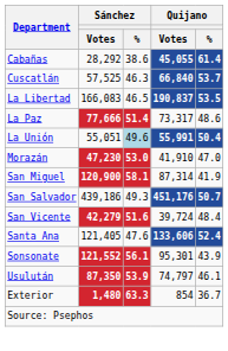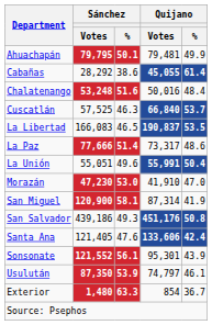 <table class="wikitable sortable" style="text-align:right; font-size:97%; line-height:20px;">
 <tr>
 <th rowspan="3"><a href='#'>Department</a></th>
 <th colspan="2" width="30px" class="unsortable">Sánchez</th>
 <th colspan="2" width="30px" class="unsortable">Quijano</th>
 </tr>
 <tr>
 <th colspan="2" style="background:"></th>
 <th colspan="2" style="background:"></th>
 </tr>
 <tr>
 <th data-sort-type="number">Votes</th>
 <th data-sort-type="number">%</th>
 <th data-sort-type="number">Votes</th>
 <th data-sort-type="number">%</th>
 </tr>
 <tr>
+<td align="left"><a href='#'>Ahuachapán</a></td>
+<td style="background:#D3252F; color:white"><strong>79,795</strong></td>
+<td style="background:#D3252F; color:white"><strong>50.1</strong></td>
+<td>79,481</td>
+<td>49.9</td>
+</tr>
+<tr>
 <td align="left"><a href='#'>Cabañas</a></td>
 <td>28,292</td>
 <td>38.6</td>
 <td style="background:#234B9A; color:white"><strong>45,055</strong></td>
 <td style="background:#234B9A; color:white"><strong>61.4</strong></td>
+</tr>
+<tr>
+<td align="left"><a href='#'>Chalatenango</a></td>
+<td style="background:#D3252F; color:white"><strong>53,248</strong></td>
+<td style="background:#D3252F; color:white"><strong>51.6</strong></td>
+<td>50,016</td>
+<td>48.4</td>
 </tr>
 <tr>
 <td align="left"><a href='#'>Cuscatlán</a></td>
 <td>57,525</td>
 <td>46.3</td>
 <td style="background:#234B9A; color:white"><strong>66,840</strong></td>
 <td style="background:#234B9A; color:white"><strong>53.7</strong></td>
 </tr>
 <tr>
 <td align="left"><a href='#'>La Libertad</a></td>
 <td>166,083</td>
 <td>46.5</td>
 <td style="background:#234B9A; color:white"><strong>190,837</strong></td>
 <td style="background:#234B9A; color:white"><strong>53.5</strong></td>
 </tr>
 <tr>
 <td align="left"><a href='#'>La Paz</a></td>
 <td style="background:#D3252F; color:white"><strong>77,666</strong></td>
 <td style="background:#D3252F; color:white"><strong>51.4</strong></td>
 <td>73,317</td>
 <td>48.6</td>
 </tr>
 <tr>
 <td align="left"><a href='#'>La Unión</a></td>
 <td>55,051</td>
-<td style="background: lightblue;">49.6</td>
+<td>49.6</td>
 <td style="background:#234B9A; color:white"><strong>55,991</strong></td>
 <td style="background:#234B9A; color:white"><strong>50.4</strong></td>
 </tr>
 <tr>
 <td align="left"><a href='#'>Morazán</a></td>
 <td style="background:#D3252F; color:white"><strong>47,230</strong></td>
 <td style="background:#D3252F; color:white"><strong>53.0</strong></td>
 <td>41,910</td>
 <td>47.0</td>
 </tr>
 <tr>
 <td align="left"><a href='#'>San Miguel</a></td>
 <td style="background:#D3252F; color:white"><strong>120,900</strong></td>
 <td style="background:#D3252F; color:white"><strong>58.1</strong></td>
 <td>87,314</td>
 <td>41.9</td>
 </tr>
 <tr>
 <td align="left"><a href='#'>San Salvador</a></td>
 <td>439,186</td>
 <td>49.3</td>
 <td style="background:#234B9A; color:white"><strong>451,176</strong></td>
-<td style="background:#234B9A; color:white"><strong>50.7</strong></td>
-</tr>
-<tr>
-<td align="left"><a href='#'>San Vicente</a></td>
-<td style="background:#D3252F; color:white"><strong>42,279</strong></td>
-<td style="background:#D3252F; color:white"><strong>51.6</strong></td>
-<td>39,724</td>
-<td>48.4</td>
+<td style="background:#234B9A; color:white"><strong>50.8</strong></td>
 </tr>
 <tr>
 <td align="left"><a href='#'>Santa Ana</a></td>
 <td>121,405</td>
 <td>47.6</td>
 <td style="background:#234B9A; color:white"><strong>133,606</strong></td>
-<td style="background:#234B9A; color:white"><strong>52.4</strong></td>
+<td style="background:#234B9A; color:white"><strong>42.4</strong></td>
 </tr>
 <tr>
 <td align="left"><a href='#'>Sonsonate</a></td>
 <td style="background:#D3252F; color:white"><strong>121,552</strong></td>
 <td style="background:#D3252F; color:white"><strong>56.1</strong></td>
 <td>95,301</td>
 <td>43.9</td>
 </tr>
 <tr>
 <td align="left"><a href='#'>Usulután</a></td>
 <td style="background:#D3252F; color:white"><strong>87,350</strong></td>
 <td style="background:#D3252F; color:white"><strong>53.9</strong></td>
 <td>74,797</td>
 <td>46.1</td>
 </tr>
 <tr>
 <td align="left">Exterior</td>
 <td style="background:#D3252F; color:white"><strong>1,480</strong></td>
 <td style="background:#D3252F; color:white"><strong>63.3</strong></td>
 <td>854</td>
 <td>36.7</td>
 </tr>
 <tr>
 <td style="text-align:left;" colspan="5">Source: Psephos</td>
 </tr>
 </table>
